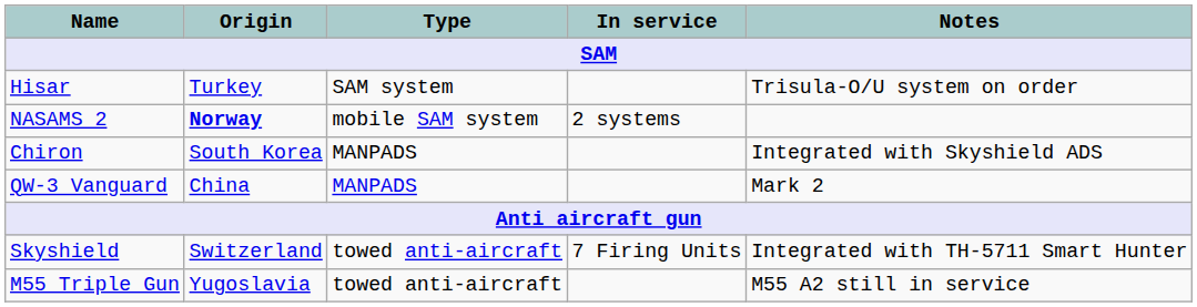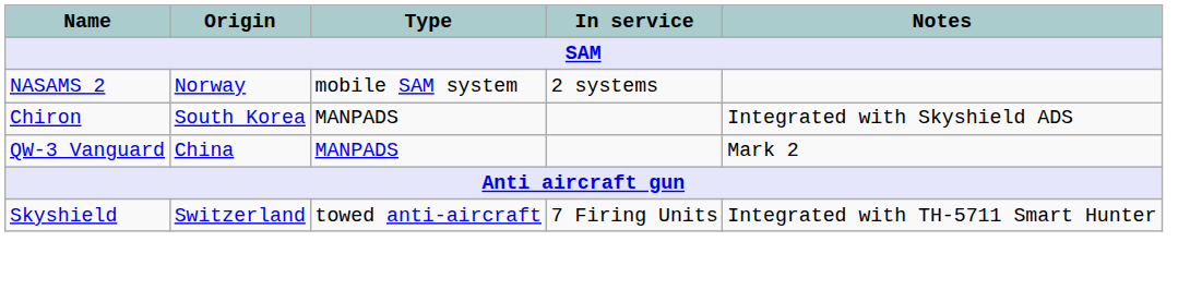 <table class="wikitable">
 <tr>
 <th style="text-align:center; background:#acc;">Name</th>
 <th style="text-align: center; background:#acc;">Origin</th>
 <th style="text-align:l center; background:#acc;">Type</th>
 <th style="text-align:l center; background:#acc;">In service</th>
 <th style="text-align: center; background:#acc;">Notes</th>
 </tr>
 <tr>
 <th colspan="5" style="align: center; background: lavender;"><a href='#'>SAM</a></th>
 </tr>
 <tr>
-<td><a href='#'>Hisar</a></td>
-<td><a href='#'>Turkey</a></td>
-<td>SAM system</td>
-<td></td>
-<td>Trisula-O/U system on order</td>
-</tr>
-<tr>
 <td><a href='#'>NASAMS 2</a></td>
-<td><strong><a href='#'>Norway</a></strong></td>
+<td><a href='#'>Norway</a></td>
 <td>mobile <a href='#'>SAM</a> system</td>
 <td>2 systems</td>
 <td></td>
 </tr>
 <tr>
 <td><a href='#'>Chiron</a></td>
 <td><a href='#'>South Korea</a></td>
 <td>MANPADS</td>
 <td></td>
 <td>Integrated with Skyshield ADS</td>
 </tr>
 <tr>
 <td><a href='#'>QW-3 Vanguard</a></td>
 <td><a href='#'>China</a></td>
 <td><a href='#'>MANPADS</a></td>
 <td></td>
 <td>Mark 2</td>
 </tr>
 <tr>
 <th colspan="5" style="align: center; background: lavender;"><a href='#'>Anti aircraft gun</a></th>
 </tr>
 <tr>
 <td><a href='#'>Skyshield</a></td>
 <td><a href='#'>Switzerland</a></td>
 <td>towed <a href='#'>anti-aircraft</a></td>
 <td>7 Firing Units</td>
 <td>Integrated with TH-5711 Smart Hunter</td>
 </tr>
-<tr>
-<td><a href='#'>M55 Triple Gun</a></td>
-<td><a href='#'>Yugoslavia</a></td>
-<td>towed anti-aircraft</td>
-<td></td>
-<td>M55 A2 still in service</td>
-</tr>
 </table>
